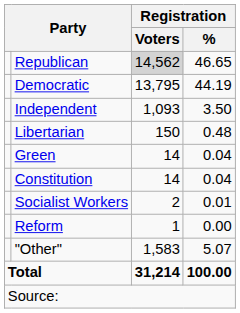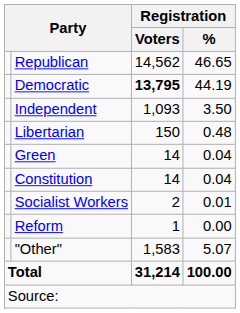 <table class="wikitable">
 <tr>
 <th colspan="2" rowspan="2">Party</th>
 <th colspan="2">Registration</th>
 </tr>
 <tr>
 <th>Voters</th>
 <th>%</th>
 </tr>
 <tr>
 <td style="background-color:"></td>
 <td><a href='#'>Republican</a></td>
-<td style="background: lightgrey; text-align:right;">14,562</td>
+<td style="text-align:right;">14,562</td>
 <td style="text-align:right;">46.65</td>
 </tr>
 <tr>
 <td style="background-color:"></td>
 <td><a href='#'>Democratic</a></td>
-<td style="text-align:right;">13,795</td>
+<td style="text-align:right;"><strong>13,795</strong></td>
 <td style="text-align:right;">44.19</td>
 </tr>
 <tr>
 <td style="background-color:"></td>
 <td><a href='#'>Independent</a></td>
 <td style="text-align:right;">1,093</td>
 <td style="text-align:right;">3.50</td>
 </tr>
 <tr>
 <td style="background-color:"></td>
 <td><a href='#'>Libertarian</a></td>
 <td style="text-align:right;">150</td>
 <td style="text-align:right;">0.48</td>
 </tr>
 <tr>
 <td style="background-color:"></td>
 <td><a href='#'>Green</a></td>
 <td style="text-align:right;">14</td>
 <td style="text-align:right;">0.04</td>
 </tr>
 <tr>
 <td style="background-color:"></td>
 <td><a href='#'>Constitution</a></td>
 <td style="text-align:right;">14</td>
 <td style="text-align:right;">0.04</td>
 </tr>
 <tr>
 <td style="background-color:"></td>
 <td><a href='#'>Socialist Workers</a></td>
 <td style="text-align:right;">2</td>
 <td style="text-align:right;">0.01</td>
 </tr>
 <tr>
 <td style="background-color:"></td>
 <td><a href='#'>Reform</a></td>
 <td style="text-align:right;">1</td>
 <td style="text-align:right;">0.00</td>
 </tr>
 <tr>
 <td></td>
 <td>"Other"</td>
 <td style="text-align:right;">1,583</td>
 <td style="text-align:right;">5.07</td>
 </tr>
 <tr>
 <td colspan="2"><strong>Total</strong></td>
 <td style="text-align:right;"><strong>31,214</strong></td>
 <td style="text-align:right;"><strong>100.00</strong></td>
 </tr>
 <tr>
 <td colspan="4">Source: <em></em></td>
 </tr>
 </table>
